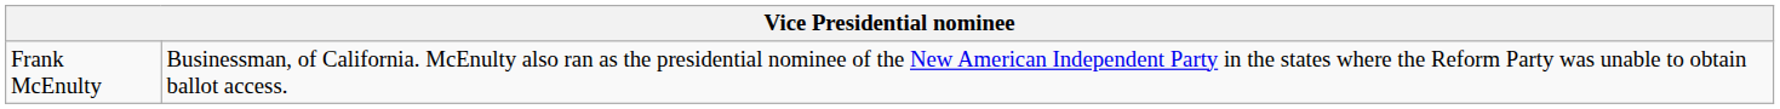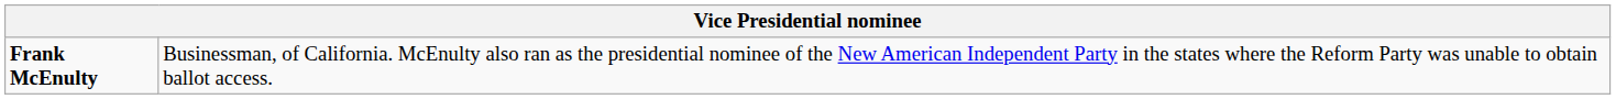 <table class=wikitable>
 <tr>
 <th colspan=3>Vice Presidential nominee</th>
 </tr>
 <tr>
-<td>Frank McEnulty</td>
+<td><strong>Frank McEnulty</strong></td>
 <td>Businessman, of California. McEnulty also ran as the presidential nominee of the <a href='#'>New American Independent Party</a> in the states where the Reform Party was unable to obtain ballot access.</td>
 </tr>
 </table>
